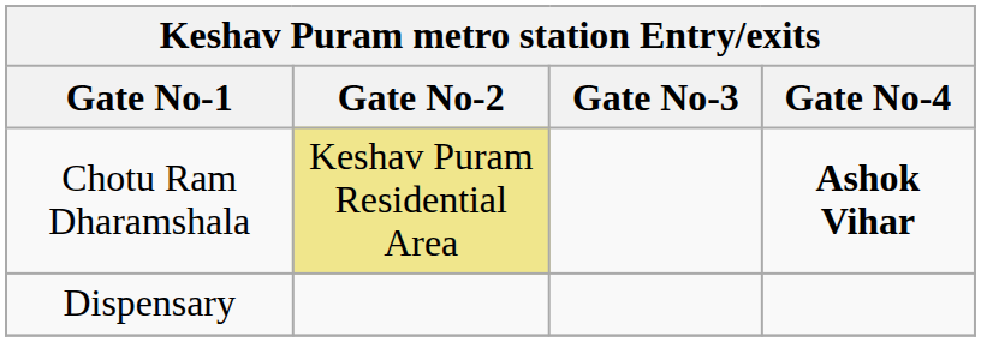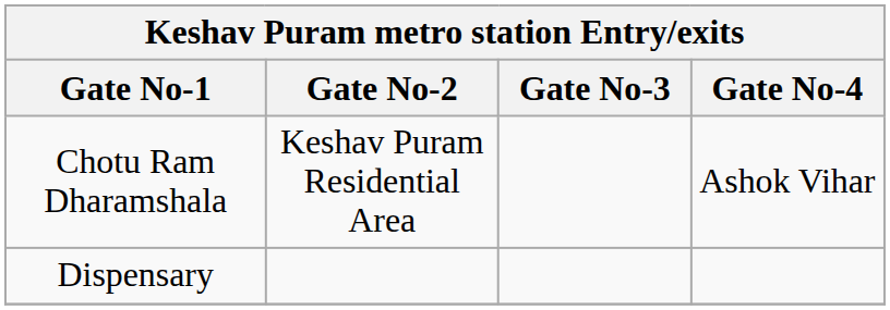 <table class="wikitable" style="text-align: center; width: 65%">
 <tr>
 <th align="center" colspan="5" style="background:#"><span>Keshav Puram metro station Entry/exits</span></th>
 </tr>
 <tr>
 <th style="width:15%;">Gate No-1</th>
 <th style="width:15%;">Gate No-2</th>
 <th style="width:15%;">Gate No-3</th>
 <th style="width:15%;">Gate No-4</th>
 </tr>
 <tr>
 <td>Chotu Ram Dharamshala</td>
-<td style="background: khaki;">Keshav Puram Residential Area</td>
+<td>Keshav Puram Residential Area</td>
 <td></td>
-<td><strong>Ashok Vihar</strong></td>
+<td>Ashok Vihar</td>
 </tr>
 <tr>
 <td>Dispensary</td>
 <td></td>
 <td></td>
 <td></td>
 </tr>
 <tr>
 </tr>
 </table>
